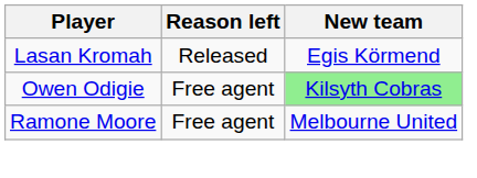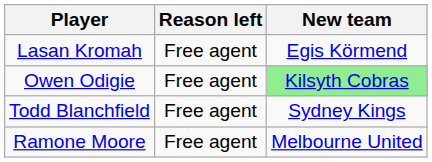 <table class="wikitable sortable sortable" style="text-align: center">
 <tr>
 <th>Player</th>
 <th>Reason left</th>
 <th>New team</th>
 </tr>
 <tr>
 <td><a href='#'>Lasan Kromah</a></td>
-<td>Released</td>
+<td>Free agent</td>
 <td><a href='#'>Egis Körmend</a></td>
 </tr>
 <tr>
 <td><a href='#'>Owen Odigie</a></td>
 <td>Free agent</td>
 <td style="background: lightgreen;"><a href='#'>Kilsyth Cobras</a></td>
 </tr>
 <tr>
+<td><a href='#'>Todd Blanchfield</a></td>
+<td>Free agent</td>
+<td><a href='#'>Sydney Kings</a></td>
+</tr>
+<tr>
 <td><a href='#'>Ramone Moore</a></td>
 <td>Free agent</td>
 <td><a href='#'>Melbourne United</a></td>
 </tr>
 </table>
